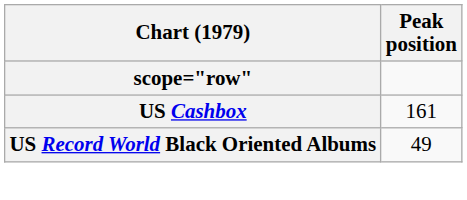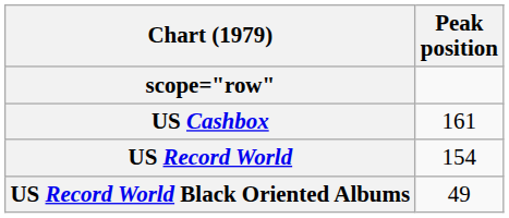 <table class="wikitable sortable plainrowheaders">
 <tr>
 <th scope="col">Chart (1979)</th>
 <th scope="col">Peak<br>position</th>
 </tr>
 <tr>
 <th>scope="row" </th>
 </tr>
 <tr>
 <th scope="row">US <a href='#'><em>Cashbox</em></a></th>
 <td style="text-align:center;">161</td>
 </tr>
 <tr>
+<th scope="row">US <em><a href='#'>Record World</a></em></th>
+<td style="text-align:center;">154</td>
+</tr>
+<tr>
 <th scope="row">US <em><a href='#'>Record World</a></em> Black Oriented Albums</th>
 <td style="text-align:center;">49</td>
 </tr>
 </table>
